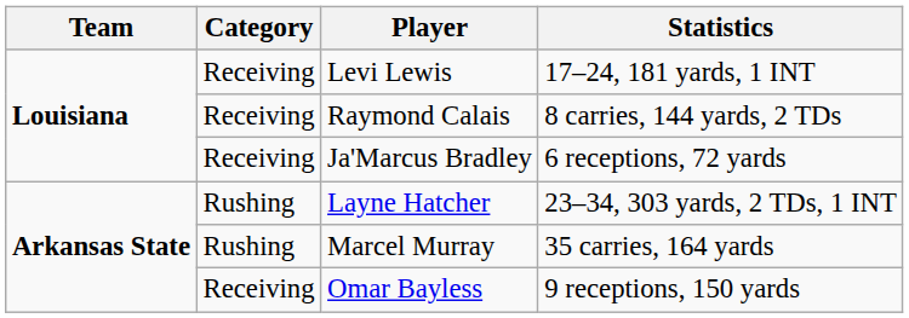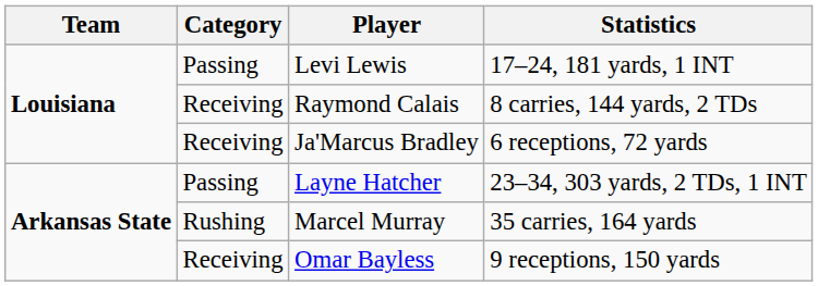 <table class="wikitable" style="float: left;">
 <tr>
 <th>Team</th>
 <th>Category</th>
 <th>Player</th>
 <th>Statistics</th>
 </tr>
 <tr>
 <td rowspan=3><strong>Louisiana</strong></td>
-<td>Receiving</td>
+<td>Passing</td>
 <td>Levi Lewis</td>
 <td>17–24, 181 yards, 1 INT</td>
 </tr>
 <tr>
 <td>Receiving</td>
 <td>Raymond Calais</td>
 <td>8 carries, 144 yards, 2 TDs</td>
 </tr>
 <tr>
 <td>Receiving</td>
 <td>Ja'Marcus Bradley</td>
 <td>6 receptions, 72 yards</td>
 </tr>
 <tr>
 <td rowspan=3><strong>Arkansas State</strong></td>
-<td>Rushing</td>
+<td>Passing</td>
 <td><a href='#'>Layne Hatcher</a></td>
 <td>23–34, 303 yards, 2 TDs, 1 INT</td>
 </tr>
 <tr>
 <td>Rushing</td>
 <td>Marcel Murray</td>
 <td>35 carries, 164 yards</td>
 </tr>
 <tr>
 <td>Receiving</td>
 <td><a href='#'>Omar Bayless</a></td>
 <td>9 receptions, 150 yards</td>
 </tr>
 </table>
